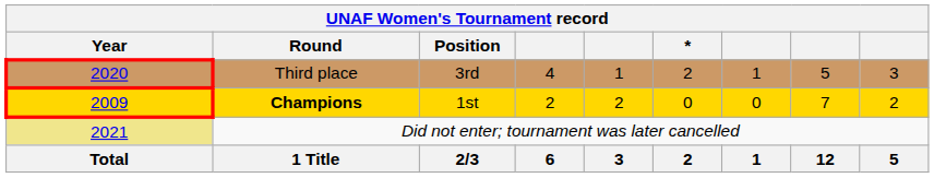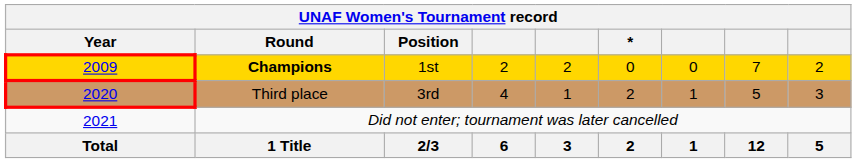 <table class="wikitable" width="50%" style="font-size:90%; text-align:center;">
 <tr>
 <th colspan="9"><a href='#'>UNAF Women's Tournament</a> record</th>
 </tr>
 <tr>
 <th width="15%">Year</th>
 <th width="15%">Round</th>
 <th width="5%">Position</th>
 <th width="5%"></th>
 <th width="5%"></th>
 <th width="5%">*</th>
 <th width="5%"></th>
 <th width="5%"></th>
 <th width="5%"></th>
 </tr>
+<tr bgcolor=gold>
+<td style="border: 3px solid red"> <a href='#'>2009</a></td>
+<td><strong>Champions</strong></td>
+<td>1st</td>
+<td>2</td>
+<td>2</td>
+<td>0</td>
+<td>0</td>
+<td>7</td>
+<td>2</td>
+</tr>
 <tr bgcolor="#cc9966">
 <td style="border: 3px solid red"> <a href='#'>2020</a></td>
 <td>Third place</td>
 <td>3rd</td>
 <td>4</td>
 <td>1</td>
 <td>2</td>
 <td>1</td>
 <td>5</td>
 <td>3</td>
 </tr>
-<tr bgcolor=gold>
-<td style="border: 3px solid red"> <a href='#'>2009</a></td>
-<td><strong>Champions</strong></td>
-<td>1st</td>
-<td>2</td>
-<td>2</td>
-<td>0</td>
-<td>0</td>
-<td>7</td>
-<td>2</td>
-</tr>
 <tr>
-<td style="background: khaki;"> <a href='#'>2021</a></td>
+<td> <a href='#'>2021</a></td>
 <td colspan="8"><em>Did</em> <em>not enter; tournament was later cancelled</em></td>
 </tr>
 <tr>
 <th>Total</th>
 <th>1 Title</th>
 <th>2/3</th>
 <th>6</th>
 <th>3</th>
 <th>2</th>
 <th>1</th>
 <th>12</th>
 <th>5</th>
 </tr>
 </table>
